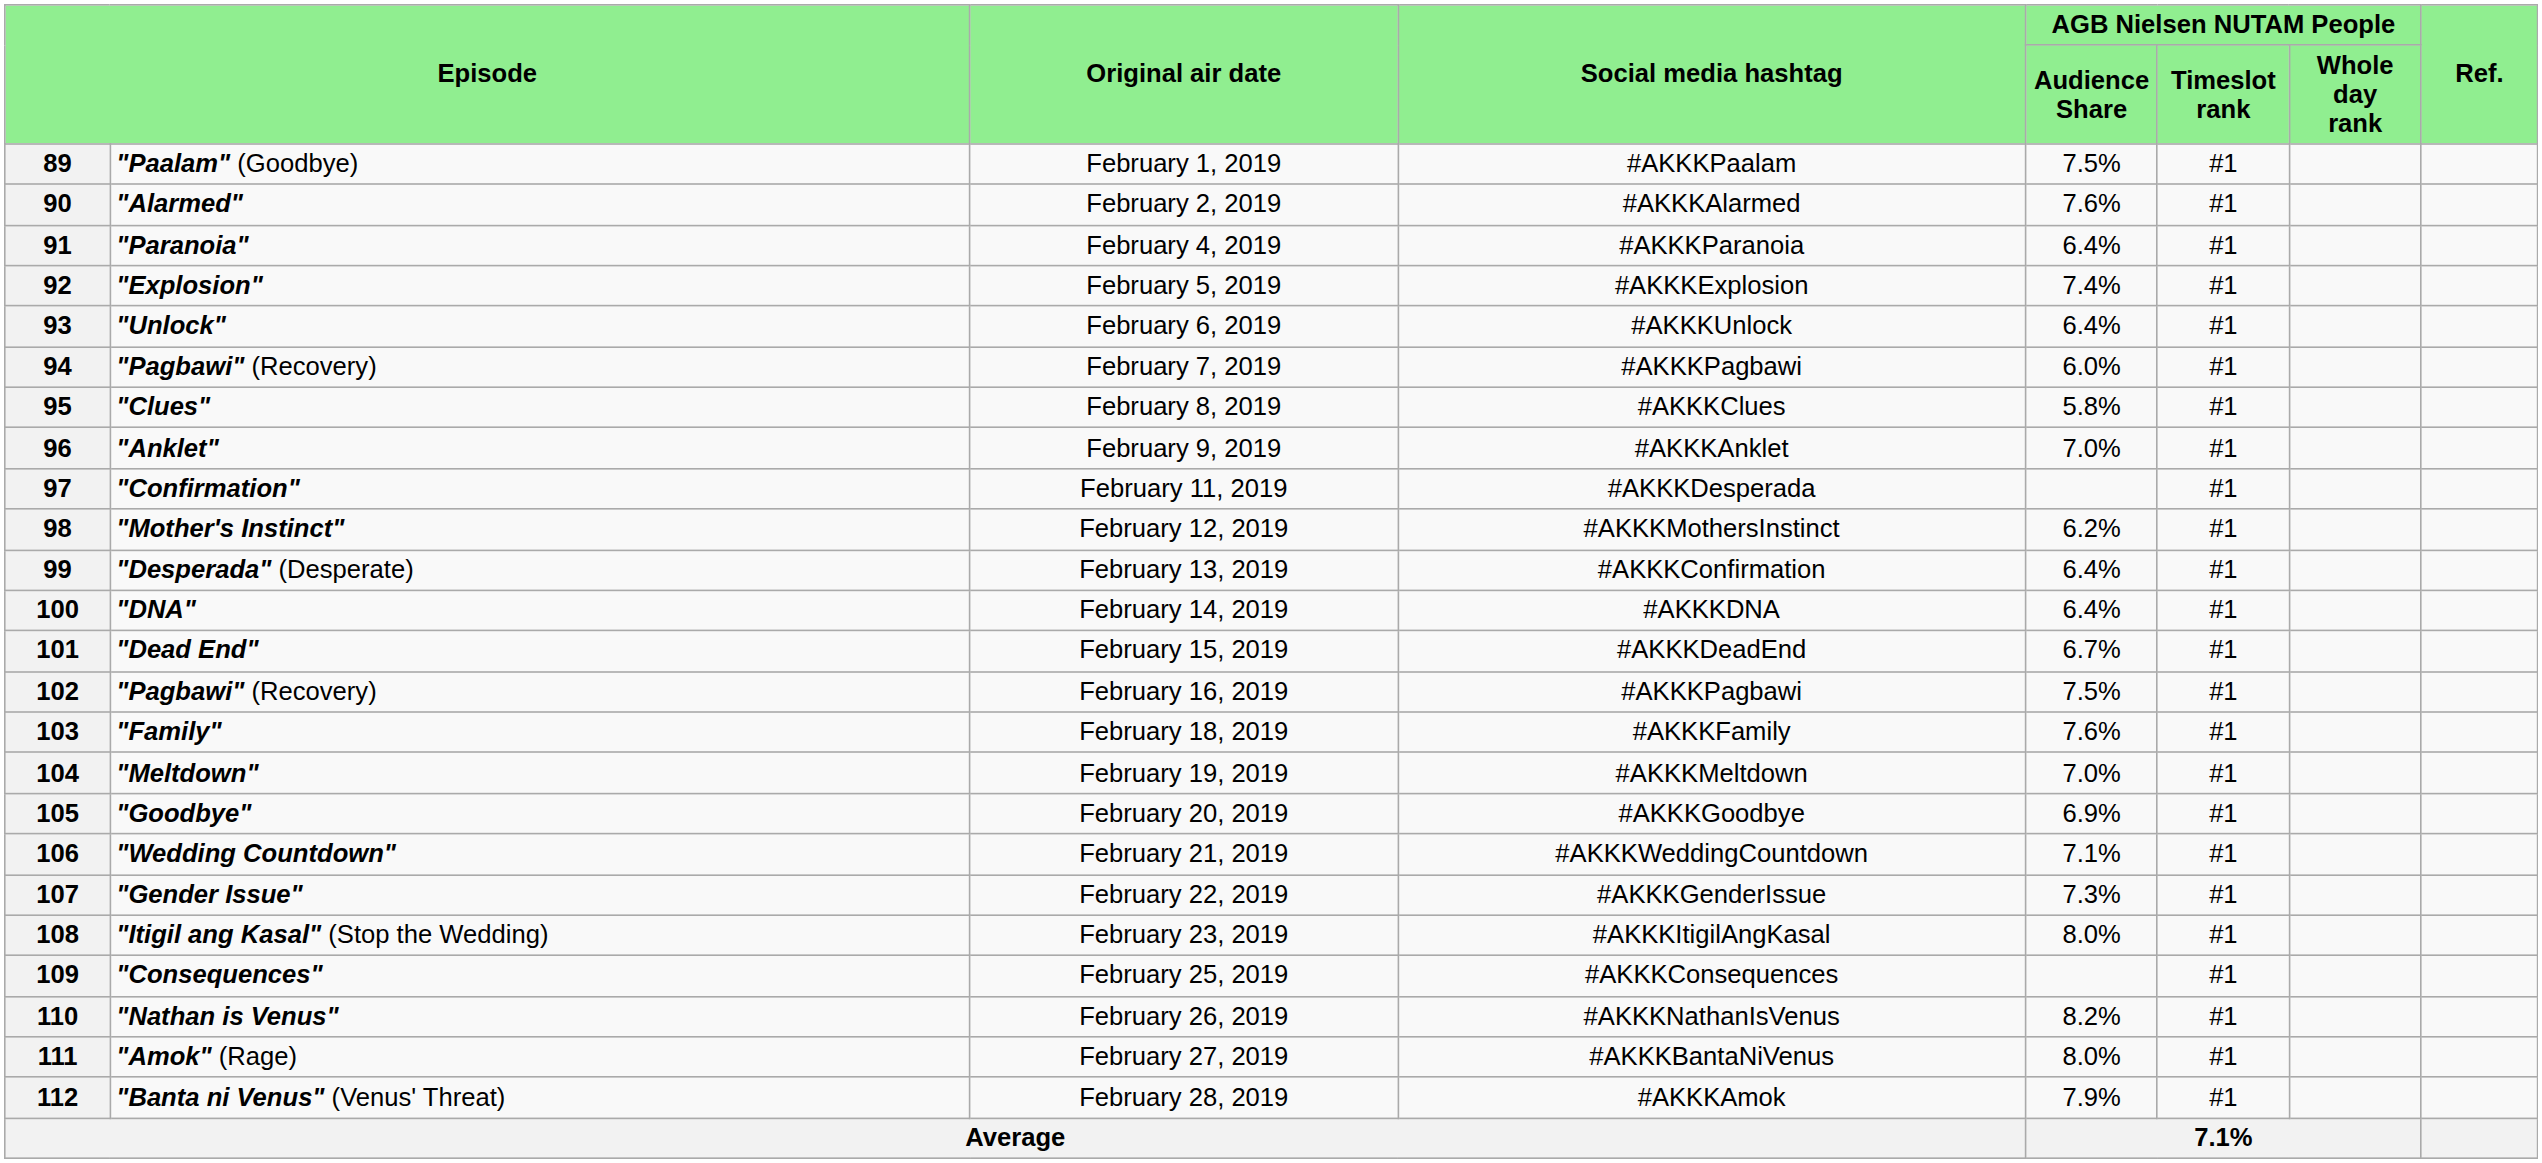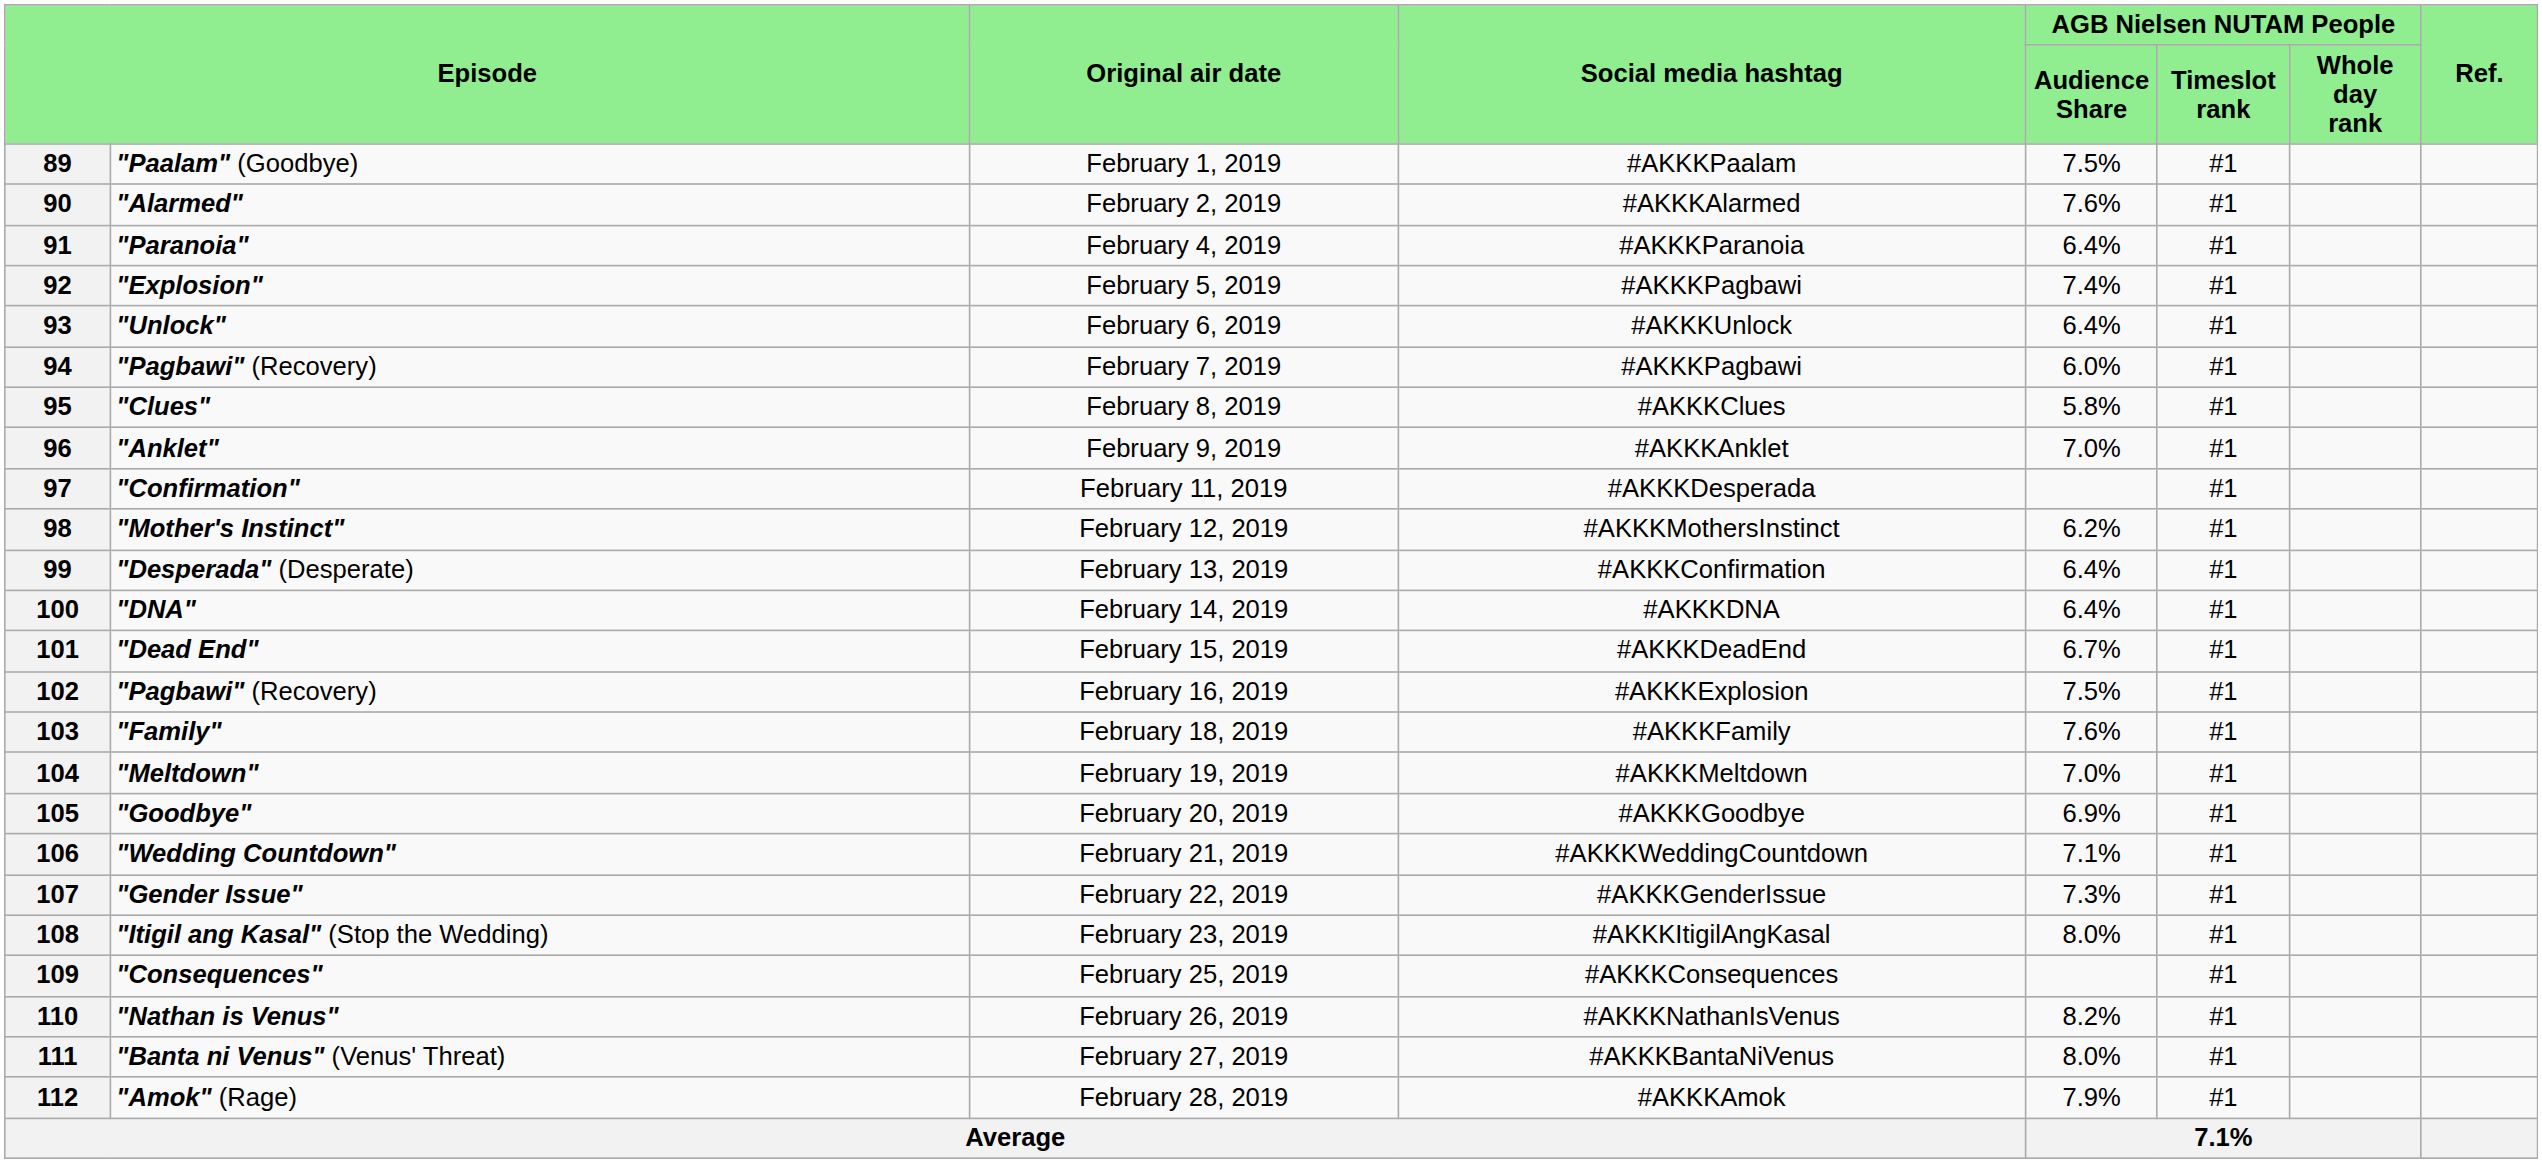 <table class="wikitable" style="text-align:center; font-size:100%; line-height:18px;" width="100%">
 <tr>
 <th style="background-color:#90EE90; color:#000000;" colspan="2" rowspan="2">Episode</th>
 <th style="background-color:#90EE90; color:black" rowspan="2">Original air date</th>
 <th style="background-color:#90EE90; color:black" rowspan="2">Social media hashtag</th>
 <th style="background-color:#90EE90; color:#000000;" colspan="3">AGB Nielsen NUTAM People</th>
 <th style="background-color:#90EE90; color:#000000;" rowspan="2">Ref.</th>
 </tr>
 <tr>
 <th style="background-color:#90EE90; width:75px; color:#000000;">Audience Share</th>
 <th style="background-color:#90EE90; width:75px; color:#000000;">Timeslot<br>rank</th>
 <th style="background-color:#90EE90; width:75px; color:#000000;">Whole day<br>rank</th>
 </tr>
 <tr>
 <th>89</th>
 <td style="text-align: left;"><strong><em>"Paalam"</em></strong> (Goodbye)</td>
 <td>February 1, 2019</td>
 <td>#AKKKPaalam</td>
 <td>7.5%</td>
 <td>#1</td>
 <td></td>
 <td></td>
 </tr>
 <tr>
 <th>90</th>
 <td style="text-align: left;"><strong><em>"Alarmed"</em></strong></td>
 <td>February 2, 2019</td>
 <td>#AKKKAlarmed</td>
 <td>7.6%</td>
 <td>#1</td>
 <td></td>
 <td></td>
 </tr>
 <tr>
 <th>91</th>
 <td style="text-align: left;"><strong><em>"Paranoia"</em></strong></td>
 <td>February 4, 2019</td>
 <td>#AKKKParanoia</td>
 <td>6.4%</td>
 <td>#1</td>
 <td></td>
 <td></td>
 </tr>
 <tr>
 <th>92</th>
 <td style="text-align: left;"><strong><em>"Explosion"</em></strong></td>
 <td>February 5, 2019</td>
-<td>#AKKKExplosion</td>
+<td>#AKKKPagbawi</td>
 <td>7.4%</td>
 <td>#1</td>
 <td></td>
 <td></td>
 </tr>
 <tr>
 <th>93</th>
 <td style="text-align: left;"><strong><em>"Unlock"</em></strong></td>
 <td>February 6, 2019</td>
 <td>#AKKKUnlock</td>
 <td>6.4%</td>
 <td>#1</td>
 <td></td>
 <td></td>
 </tr>
 <tr>
 <th>94</th>
 <td style="text-align: left;"><strong><em>"Pagbawi"</em></strong> (Recovery)</td>
 <td>February 7, 2019</td>
 <td>#AKKKPagbawi</td>
 <td>6.0%</td>
 <td>#1</td>
 <td></td>
 <td></td>
 </tr>
 <tr>
 <th>95</th>
 <td style="text-align: left;"><strong><em>"Clues"</em></strong></td>
 <td>February 8, 2019</td>
 <td>#AKKKClues</td>
 <td>5.8%</td>
 <td>#1</td>
 <td></td>
 <td></td>
 </tr>
 <tr>
 <th>96</th>
 <td style="text-align: left;"><strong><em>"Anklet"</em></strong></td>
 <td>February 9, 2019</td>
 <td>#AKKKAnklet</td>
 <td>7.0%</td>
 <td>#1</td>
 <td></td>
 <td></td>
 </tr>
 <tr>
 <th>97</th>
 <td style="text-align: left;"><strong><em>"Confirmation"</em></strong></td>
 <td>February 11, 2019</td>
 <td>#AKKKDesperada</td>
 <td></td>
 <td>#1</td>
 <td></td>
 <td></td>
 </tr>
 <tr>
 <th>98</th>
 <td style="text-align: left;"><strong><em>"Mother's Instinct"</em></strong></td>
 <td>February 12, 2019</td>
 <td>#AKKKMothersInstinct</td>
 <td>6.2%</td>
 <td>#1</td>
 <td></td>
 <td></td>
 </tr>
 <tr>
 <th>99</th>
 <td style="text-align: left;"><strong><em>"Desperada"</em></strong> (Desperate)</td>
 <td>February 13, 2019</td>
 <td>#AKKKConfirmation</td>
 <td>6.4%</td>
 <td>#1</td>
 <td></td>
 <td></td>
 </tr>
 <tr>
 <th>100</th>
 <td style="text-align: left;"><strong><em>"DNA"</em></strong></td>
 <td>February 14, 2019</td>
 <td>#AKKKDNA</td>
 <td>6.4%</td>
 <td>#1</td>
 <td></td>
 <td></td>
 </tr>
 <tr>
 <th>101</th>
 <td style="text-align: left;"><strong><em>"Dead End"</em></strong></td>
 <td>February 15, 2019</td>
 <td>#AKKKDeadEnd</td>
 <td>6.7%</td>
 <td>#1</td>
 <td></td>
 <td></td>
 </tr>
 <tr>
 <th>102</th>
 <td style="text-align: left;"><strong><em>"Pagbawi"</em></strong> (Recovery)</td>
 <td>February 16, 2019</td>
-<td>#AKKKPagbawi</td>
+<td>#AKKKExplosion</td>
 <td>7.5%</td>
 <td>#1</td>
 <td></td>
 <td></td>
 </tr>
 <tr>
 <th>103</th>
 <td style="text-align: left;"><strong><em>"Family"</em></strong></td>
 <td>February 18, 2019</td>
 <td>#AKKKFamily</td>
 <td>7.6%</td>
 <td>#1</td>
 <td></td>
 <td></td>
 </tr>
 <tr>
 <th>104</th>
 <td style="text-align: left;"><strong><em>"Meltdown"</em></strong></td>
 <td>February 19, 2019</td>
 <td>#AKKKMeltdown</td>
 <td>7.0%</td>
 <td>#1</td>
 <td></td>
 <td></td>
 </tr>
 <tr>
 <th>105</th>
 <td style="text-align: left;"><strong><em>"Goodbye"</em></strong></td>
 <td>February 20, 2019</td>
 <td>#AKKKGoodbye</td>
 <td>6.9%</td>
 <td>#1</td>
 <td></td>
 <td></td>
 </tr>
 <tr>
 <th>106</th>
 <td style="text-align: left;"><strong><em>"Wedding Countdown"</em></strong></td>
 <td>February 21, 2019</td>
 <td>#AKKKWeddingCountdown</td>
 <td>7.1%</td>
 <td>#1</td>
 <td></td>
 <td></td>
 </tr>
 <tr>
 <th>107</th>
 <td style="text-align: left;"><strong><em>"Gender Issue"</em></strong></td>
 <td>February 22, 2019</td>
 <td>#AKKKGenderIssue</td>
 <td>7.3%</td>
 <td>#1</td>
 <td></td>
 <td></td>
 </tr>
 <tr>
 <th>108</th>
 <td style="text-align: left;"><strong><em>"Itigil ang Kasal"</em></strong> (Stop the Wedding)</td>
 <td>February 23, 2019</td>
 <td>#AKKKItigilAngKasal</td>
 <td>8.0%</td>
 <td>#1</td>
 <td></td>
 <td></td>
 </tr>
 <tr>
 <th>109</th>
 <td style="text-align: left;"><strong><em>"Consequences"</em></strong></td>
 <td>February 25, 2019</td>
 <td>#AKKKConsequences</td>
 <td></td>
 <td>#1</td>
 <td></td>
 <td></td>
 </tr>
 <tr>
 <th>110</th>
 <td style="text-align: left;"><strong><em>"Nathan is Venus"</em></strong></td>
 <td>February 26, 2019</td>
 <td>#AKKKNathanIsVenus</td>
 <td>8.2%</td>
 <td>#1</td>
 <td></td>
 <td></td>
 </tr>
 <tr>
 <th>111</th>
-<td style="text-align: left;"><strong><em>"Amok"</em></strong> (Rage)</td>
+<td style="text-align: left;"><strong><em>"Banta ni Venus"</em></strong> (Venus' Threat)</td>
 <td>February 27, 2019</td>
 <td>#AKKKBantaNiVenus</td>
 <td>8.0%</td>
 <td>#1</td>
 <td></td>
 <td></td>
 </tr>
 <tr>
 <th>112</th>
-<td style="text-align: left;"><strong><em>"Banta ni Venus"</em></strong> (Venus' Threat)</td>
+<td style="text-align: left;"><strong><em>"Amok"</em></strong> (Rage)</td>
 <td>February 28, 2019</td>
 <td>#AKKKAmok</td>
 <td>7.9%</td>
 <td>#1</td>
 <td></td>
 <td></td>
 </tr>
 <tr>
 <th colspan="4">Average</th>
 <th colspan="3">7.1%</th>
 <th></th>
 </tr>
 <tr>
 </tr>
 </table>
